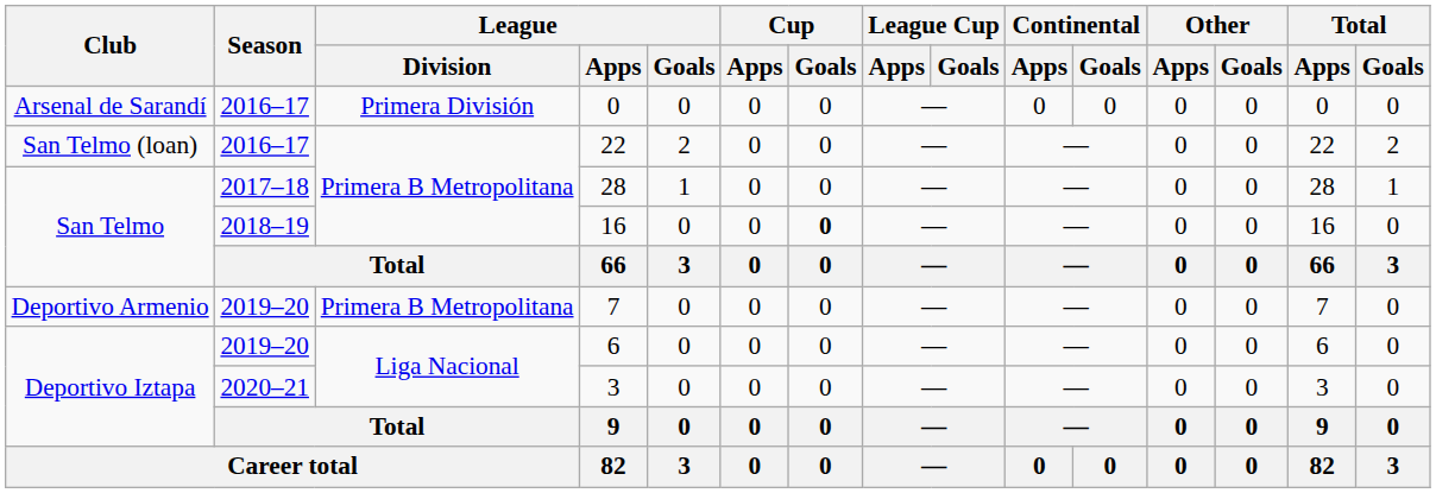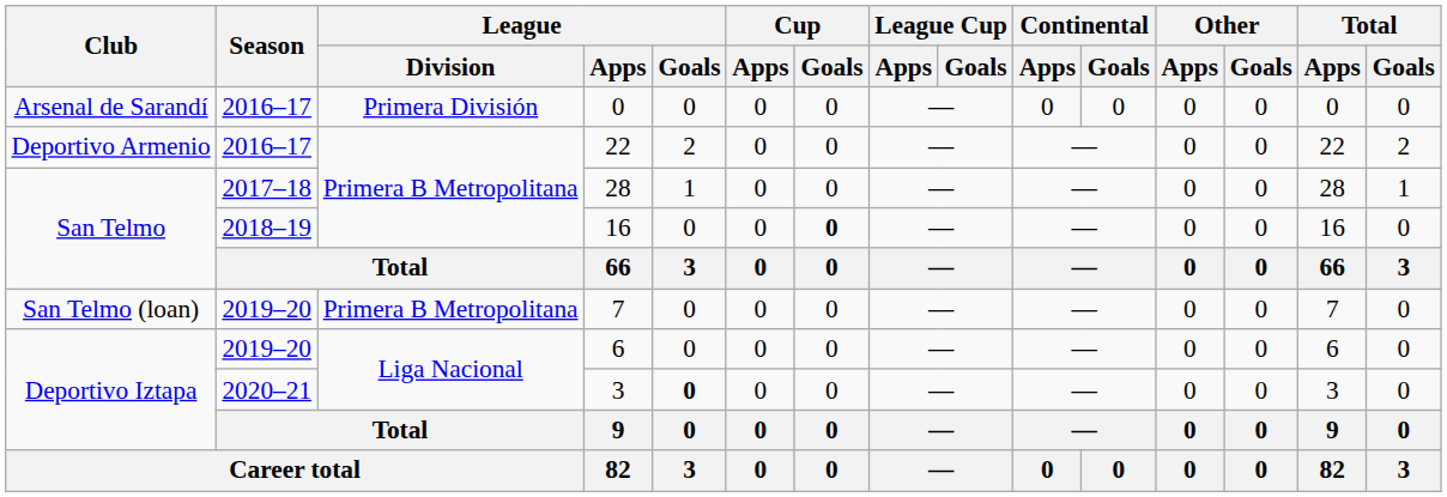 <table class="wikitable" style="text-align:center">
 <tr>
 <th rowspan="2">Club</th>
 <th rowspan="2">Season</th>
 <th colspan="3">League</th>
 <th colspan="2">Cup</th>
 <th colspan="2">League Cup</th>
 <th colspan="2">Continental</th>
 <th colspan="2">Other</th>
 <th colspan="2">Total</th>
 </tr>
 <tr>
 <th>Division</th>
 <th>Apps</th>
 <th>Goals</th>
 <th>Apps</th>
 <th>Goals</th>
 <th>Apps</th>
 <th>Goals</th>
 <th>Apps</th>
 <th>Goals</th>
 <th>Apps</th>
 <th>Goals</th>
 <th>Apps</th>
 <th>Goals</th>
 </tr>
 <tr>
 <td rowspan="1"><a href='#'>Arsenal de Sarandí</a></td>
 <td><a href='#'>2016–17</a></td>
 <td rowspan="1"><a href='#'>Primera División</a></td>
 <td>0</td>
 <td>0</td>
 <td>0</td>
 <td>0</td>
 <td colspan="2">—</td>
 <td>0</td>
 <td>0</td>
 <td>0</td>
 <td>0</td>
 <td>0</td>
 <td>0</td>
 </tr>
 <tr>
-<td rowspan="1"><a href='#'>San Telmo</a> (loan)</td>
+<td rowspan="1"><a href='#'>Deportivo Armenio</a></td>
 <td><a href='#'>2016–17</a></td>
 <td rowspan="3"><a href='#'>Primera B Metropolitana</a></td>
 <td>22</td>
 <td>2</td>
 <td>0</td>
 <td>0</td>
 <td colspan="2">—</td>
 <td colspan="2">—</td>
 <td>0</td>
 <td>0</td>
 <td>22</td>
 <td>2</td>
 </tr>
 <tr>
 <td rowspan="3"><a href='#'>San Telmo</a></td>
 <td><a href='#'>2017–18</a></td>
 <td>28</td>
 <td>1</td>
 <td>0</td>
 <td>0</td>
 <td colspan="2">—</td>
 <td colspan="2">—</td>
 <td>0</td>
 <td>0</td>
 <td>28</td>
 <td>1</td>
 </tr>
 <tr>
 <td><a href='#'>2018–19</a></td>
 <td>16</td>
 <td>0</td>
 <td>0</td>
 <td><strong>0</strong></td>
 <td colspan="2">—</td>
 <td colspan="2">—</td>
 <td>0</td>
 <td>0</td>
 <td>16</td>
 <td>0</td>
 </tr>
 <tr>
 <th colspan="2">Total</th>
 <th>66</th>
 <th>3</th>
 <th>0</th>
 <th>0</th>
 <th colspan="2">—</th>
 <th colspan="2">—</th>
 <th>0</th>
 <th>0</th>
 <th>66</th>
 <th>3</th>
 </tr>
 <tr>
-<td rowspan="1"><a href='#'>Deportivo Armenio</a></td>
+<td rowspan="1"><a href='#'>San Telmo</a> (loan)</td>
 <td><a href='#'>2019–20</a></td>
 <td rowspan="1"><a href='#'>Primera B Metropolitana</a></td>
 <td>7</td>
 <td>0</td>
 <td>0</td>
 <td>0</td>
 <td colspan="2">—</td>
 <td colspan="2">—</td>
 <td>0</td>
 <td>0</td>
 <td>7</td>
 <td>0</td>
 </tr>
 <tr>
 <td rowspan="3"><a href='#'>Deportivo Iztapa</a></td>
 <td><a href='#'>2019–20</a></td>
 <td rowspan="2"><a href='#'>Liga Nacional</a></td>
 <td>6</td>
 <td>0</td>
 <td>0</td>
 <td>0</td>
 <td colspan="2">—</td>
 <td colspan="2">—</td>
 <td>0</td>
 <td>0</td>
 <td>6</td>
 <td>0</td>
 </tr>
 <tr>
 <td><a href='#'>2020–21</a></td>
 <td>3</td>
-<td>0</td>
+<td><strong>0</strong></td>
 <td>0</td>
 <td>0</td>
 <td colspan="2">—</td>
 <td colspan="2">—</td>
 <td>0</td>
 <td>0</td>
 <td>3</td>
 <td>0</td>
 </tr>
 <tr>
 <th colspan="2">Total</th>
 <th>9</th>
 <th>0</th>
 <th>0</th>
 <th>0</th>
 <th colspan="2">—</th>
 <th colspan="2">—</th>
 <th>0</th>
 <th>0</th>
 <th>9</th>
 <th>0</th>
 </tr>
 <tr>
 <th colspan="3">Career total</th>
 <th>82</th>
 <th>3</th>
 <th>0</th>
 <th>0</th>
 <th colspan="2">—</th>
 <th>0</th>
 <th>0</th>
 <th>0</th>
 <th>0</th>
 <th>82</th>
 <th>3</th>
 </tr>
 </table>
